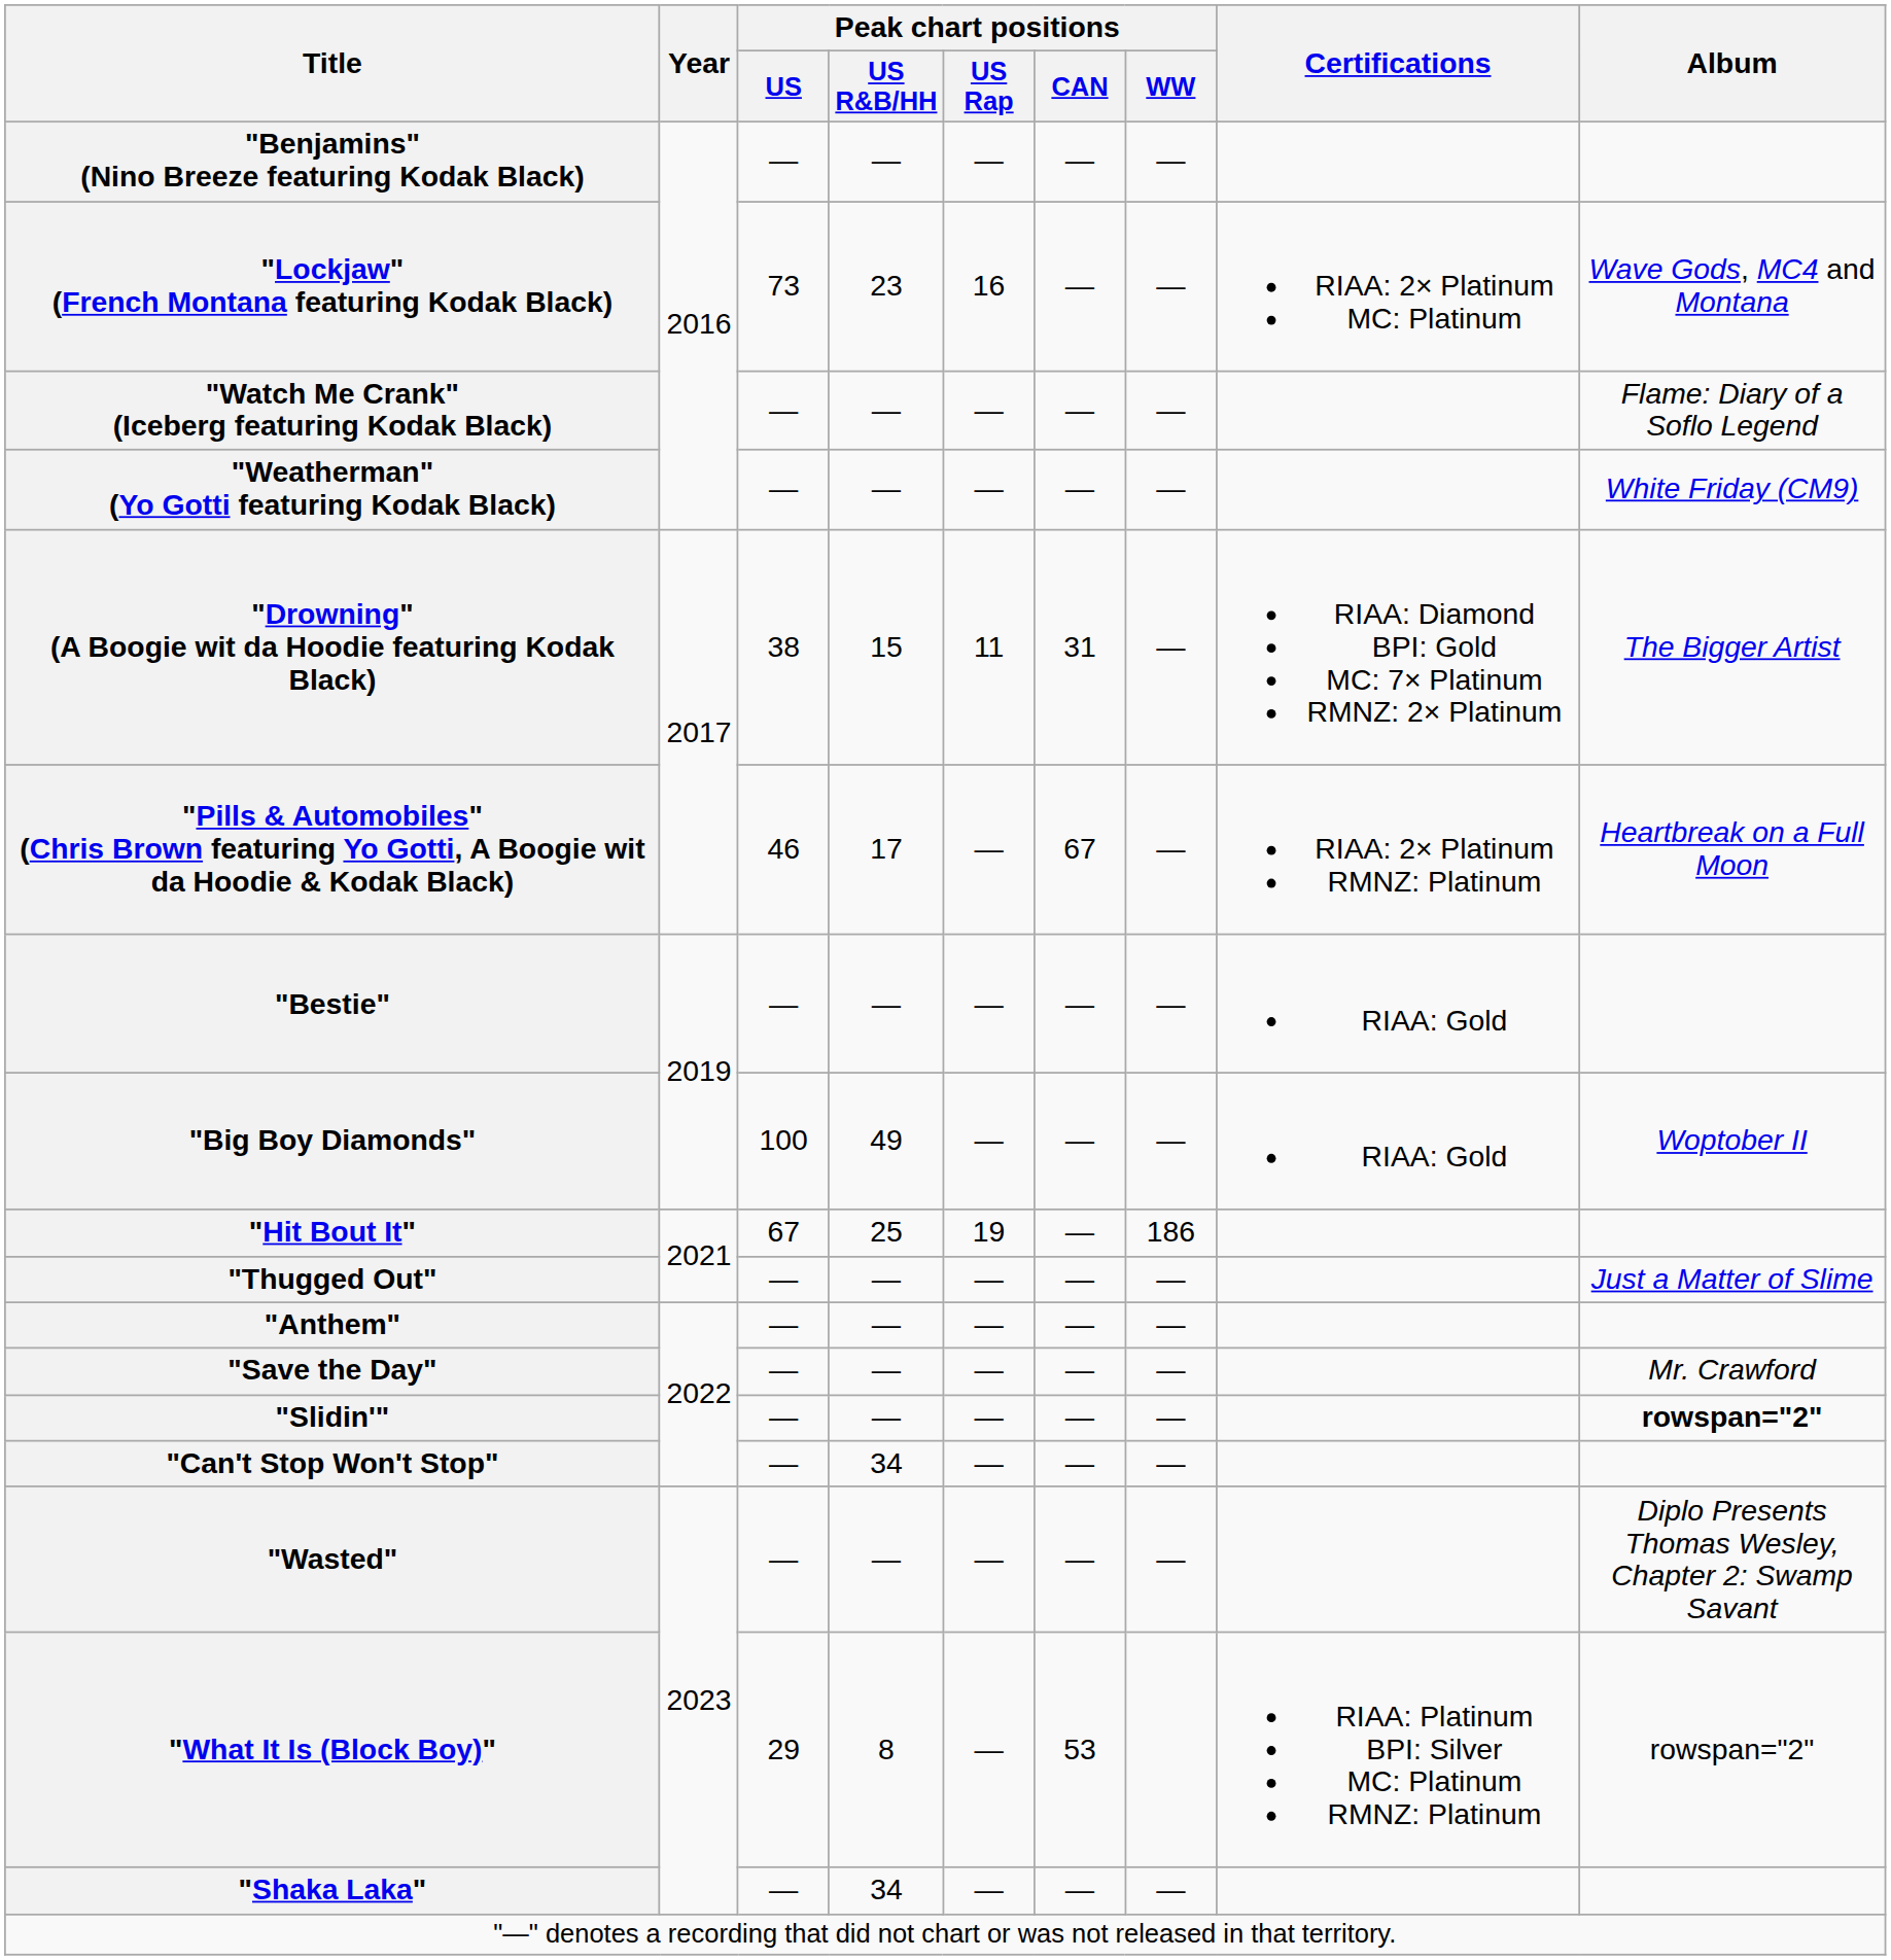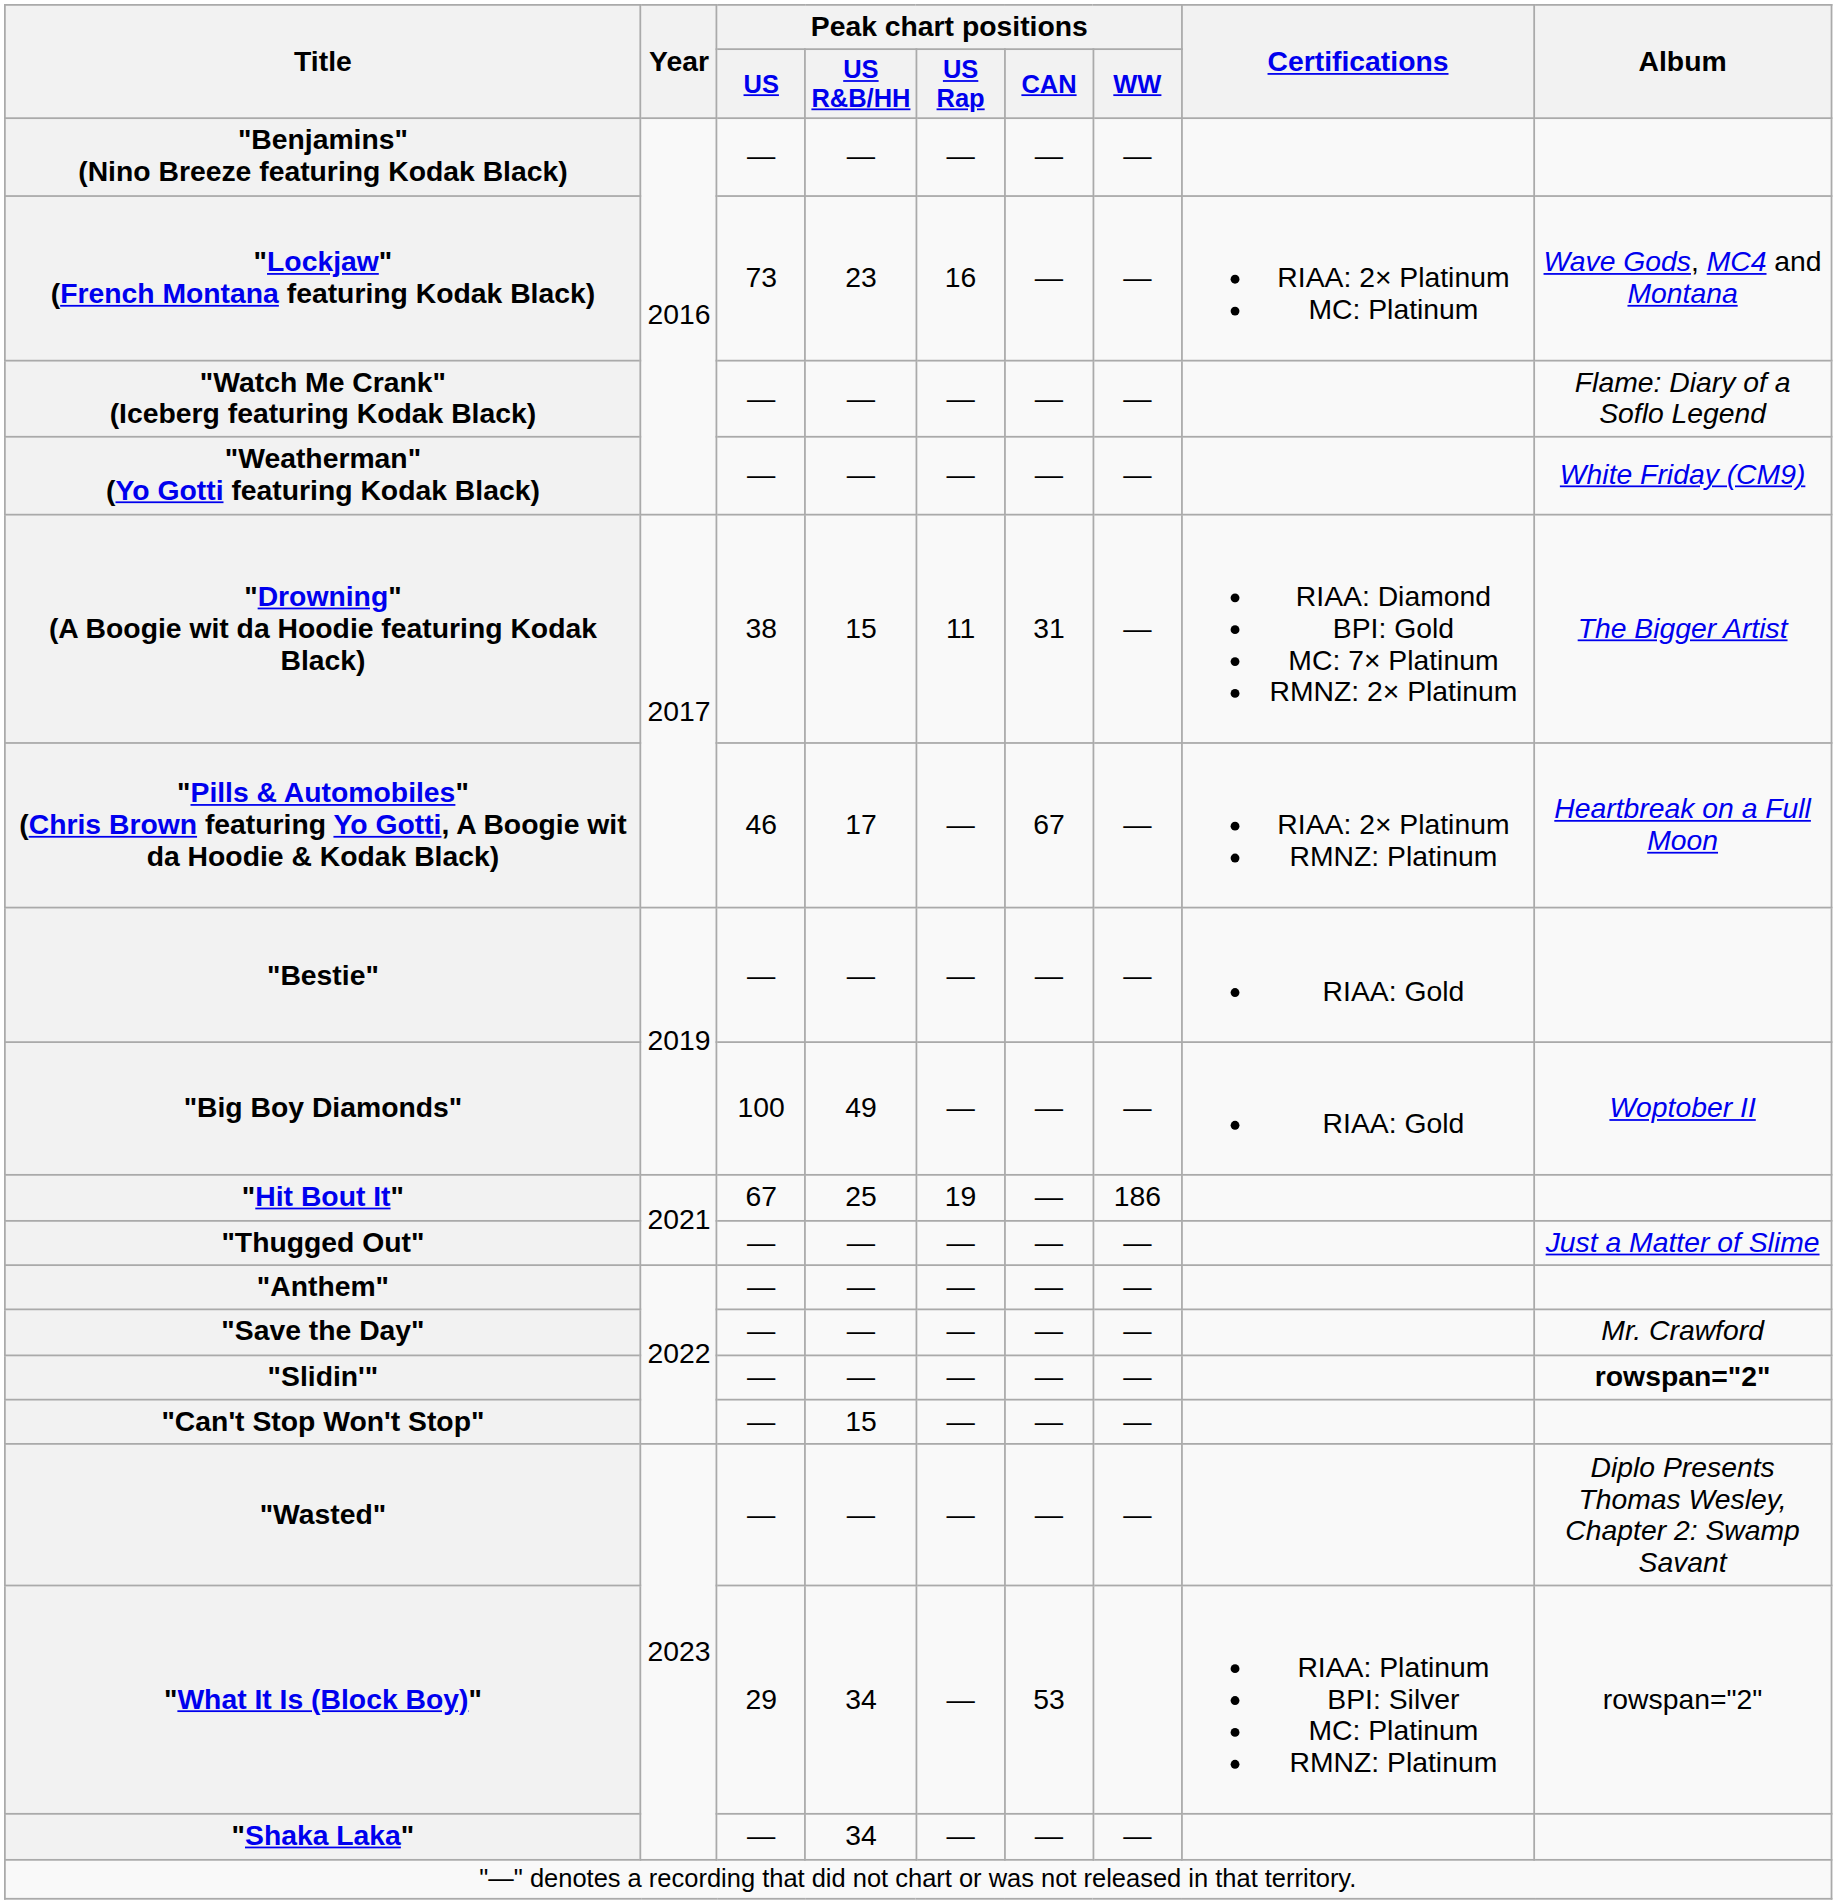 <table class="wikitable plainrowheaders" style="text-align:center;">
 <tr>
 <th rowspan="2" style="width:22em;">Title</th>
 <th scope="col" rowspan="2" style="width: 1em;">Year</th>
 <th scope="col" colspan="5">Peak chart positions</th>
 <th scope="col" rowspan="2" style="width: 12em;"><a href='#'>Certifications</a></th>
 <th scope="col" rowspan="2" style="width: 10em;">Album</th>
 </tr>
 <tr>
 <th scope="col" style="width:3em;font-size:90%;"><a href='#'>US</a><br></th>
 <th scope="col" style="width:3em;font-size:90%;"><a href='#'>US R&B/HH</a><br></th>
 <th scope="col" style="width:3em;font-size:90%;"><a href='#'>US<br>Rap</a><br></th>
 <th scope="col" style="width:3em;font-size:90%;"><a href='#'>CAN</a><br></th>
 <th scope="col" style="width:3em;font-size:90%;"><a href='#'>WW</a><br></th>
 </tr>
 <tr>
 <th scope="row">"Benjamins"<br><span>(Nino Breeze featuring Kodak Black)</span></th>
 <td rowspan="4">2016</td>
 <td>—</td>
 <td>—</td>
 <td>—</td>
 <td>—</td>
 <td>—</td>
 <td></td>
 <td></td>
 </tr>
 <tr>
 <th scope="row">"<a href='#'>Lockjaw</a>"<br><span>(<a href='#'>French Montana</a> featuring Kodak Black)</span></th>
 <td>73</td>
 <td>23</td>
 <td>16</td>
 <td>—</td>
 <td>—</td>
 <td><br><ul><li>RIAA: 2× Platinum</li><li>MC: Platinum</li></ul></td>
 <td><em><a href='#'>Wave Gods</a></em>, <em><a href='#'>MC4</a></em> and <em><a href='#'>Montana</a></em></td>
 </tr>
 <tr>
 <th scope="row">"Watch Me Crank"<br><span>(Iceberg featuring Kodak Black)</span></th>
 <td>—</td>
 <td>—</td>
 <td>—</td>
 <td>—</td>
 <td>—</td>
 <td></td>
 <td><em>Flame: Diary of a Soflo Legend</em></td>
 </tr>
 <tr>
 <th scope="row">"Weatherman"<br><span>(<a href='#'>Yo Gotti</a> featuring Kodak Black)</span></th>
 <td>—</td>
 <td>—</td>
 <td>—</td>
 <td>—</td>
 <td>—</td>
 <td></td>
 <td><em><a href='#'>White Friday (CM9)</a></em></td>
 </tr>
 <tr>
 <th scope="row">"<a href='#'>Drowning</a>"<br><span>(A Boogie wit da Hoodie featuring Kodak Black)</span></th>
 <td rowspan="2">2017</td>
 <td>38</td>
 <td>15</td>
 <td>11</td>
 <td>31</td>
 <td>—</td>
 <td><br><ul><li>RIAA: Diamond</li><li>BPI: Gold</li><li>MC: 7× Platinum</li><li>RMNZ: 2× Platinum</li></ul></td>
 <td><em><a href='#'>The Bigger Artist</a></em></td>
 </tr>
 <tr>
 <th scope="row">"<a href='#'>Pills & Automobiles</a>"<br><span>(<a href='#'>Chris Brown</a> featuring <a href='#'>Yo Gotti</a>, A Boogie wit da Hoodie & Kodak Black)</span></th>
 <td>46</td>
 <td>17</td>
 <td>—</td>
 <td>67</td>
 <td>—</td>
 <td><br><ul><li>RIAA: 2× Platinum</li><li>RMNZ: Platinum</li></ul></td>
 <td><em><a href='#'>Heartbreak on a Full Moon</a></em></td>
 </tr>
 <tr>
 <th scope="row">"Bestie"<br></th>
 <td rowspan="2">2019</td>
 <td>—</td>
 <td>—</td>
 <td>—</td>
 <td>—</td>
 <td>—</td>
 <td><br><ul><li>RIAA: Gold</li></ul></td>
 <td></td>
 </tr>
 <tr>
 <th scope="row">"Big Boy Diamonds"<br></th>
 <td>100</td>
 <td>49</td>
 <td>—</td>
 <td>—</td>
 <td>—</td>
 <td><br><ul><li>RIAA: Gold</li></ul></td>
 <td><em><a href='#'>Woptober II</a></em></td>
 </tr>
 <tr>
 <th scope="row">"<a href='#'>Hit Bout It</a>"<br></th>
 <td rowspan="2">2021</td>
 <td>67</td>
 <td>25</td>
 <td>19</td>
 <td>—</td>
 <td>186</td>
 <td></td>
 <td></td>
 </tr>
 <tr>
 <th scope="row">"Thugged Out"<br></th>
 <td>—</td>
 <td>—</td>
 <td>—</td>
 <td>—</td>
 <td>—</td>
 <td></td>
 <td><em><a href='#'>Just a Matter of Slime</a></em></td>
 </tr>
 <tr>
 <th scope="row">"Anthem"<br></th>
 <td rowspan="4">2022</td>
 <td>—</td>
 <td>—</td>
 <td>—</td>
 <td>—</td>
 <td>—</td>
 <td></td>
 <td></td>
 </tr>
 <tr>
 <th scope="row">"Save the Day"<br></th>
 <td>—</td>
 <td>—</td>
 <td>—</td>
 <td>—</td>
 <td>—</td>
 <td></td>
 <td><em>Mr. Crawford</em></td>
 </tr>
 <tr>
 <th scope="row">"Slidin'"<br></th>
 <td>—</td>
 <td>—</td>
 <td>—</td>
 <td>—</td>
 <td>—</td>
 <td></td>
 <td><strong>rowspan="2" </strong></td>
 </tr>
 <tr>
 <th scope="row">"Can't Stop Won't Stop"<br></th>
 <td>—</td>
-<td>34</td>
+<td>15</td>
 <td>—</td>
 <td>—</td>
 <td>—</td>
 <td></td>
 </tr>
 <tr>
 <th scope="row">"Wasted"<br></th>
 <td rowspan="3">2023</td>
 <td>—</td>
 <td>—</td>
 <td>—</td>
 <td>—</td>
 <td>—</td>
 <td></td>
 <td><em>Diplo Presents Thomas Wesley, Chapter 2: Swamp Savant</em></td>
 </tr>
 <tr>
 <th scope="row">"<a href='#'>What It Is (Block Boy)</a>"<br></th>
 <td>29</td>
-<td>8</td>
+<td>34</td>
 <td>—</td>
 <td>53</td>
 <td 77></td>
 <td><br><ul><li>RIAA: Platinum</li><li>BPI: Silver</li><li>MC: Platinum</li><li>RMNZ: Platinum</li></ul></td>
 <td>rowspan="2" </td>
 </tr>
 <tr>
 <th scope="row">"<a href='#'>Shaka Laka</a>"<br></th>
 <td>—</td>
 <td>34</td>
 <td>—</td>
 <td>—</td>
 <td>—</td>
 <td></td>
 </tr>
 <tr>
 <td colspan="10" style="font-size:90%">"—" denotes a recording that did not chart or was not released in that territory.</td>
 </tr>
 </table>
